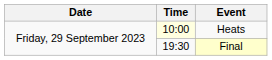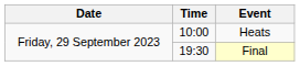 <table class = "wikitable" style="text-align:center;">
 <tr>
 <th width=220>Date</th>
 <th width=50>Time</th>
 <th width=100>Event</th>
 </tr>
 <tr>
 <td rowspan=2>Friday, 29 September 2023</td>
-<td style="background: lightyellow;">10:00</td>
+<td>10:00</td>
 <td>Heats</td>
 </tr>
 <tr>
 <td>19:30</td>
 <td bgcolor=ffffcc>Final</td>
 </tr>
 </table>
